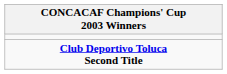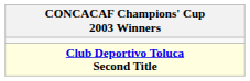 <table class="wikitable" style="text-align: center; margin: 0 auto; width: 20%">
 <tr>
 <th>CONCACAF Champions' Cup<br>2003 Winners</th>
 </tr>
 <tr>
 <td></td>
 </tr>
 <tr>
-<td><strong><a href='#'>Club Deportivo Toluca</a></strong><br><strong>Second Title</strong></td>
+<td style="background: lightyellow;"><strong><a href='#'>Club Deportivo Toluca</a></strong><br><strong>Second Title</strong></td>
 </tr>
 </table>
